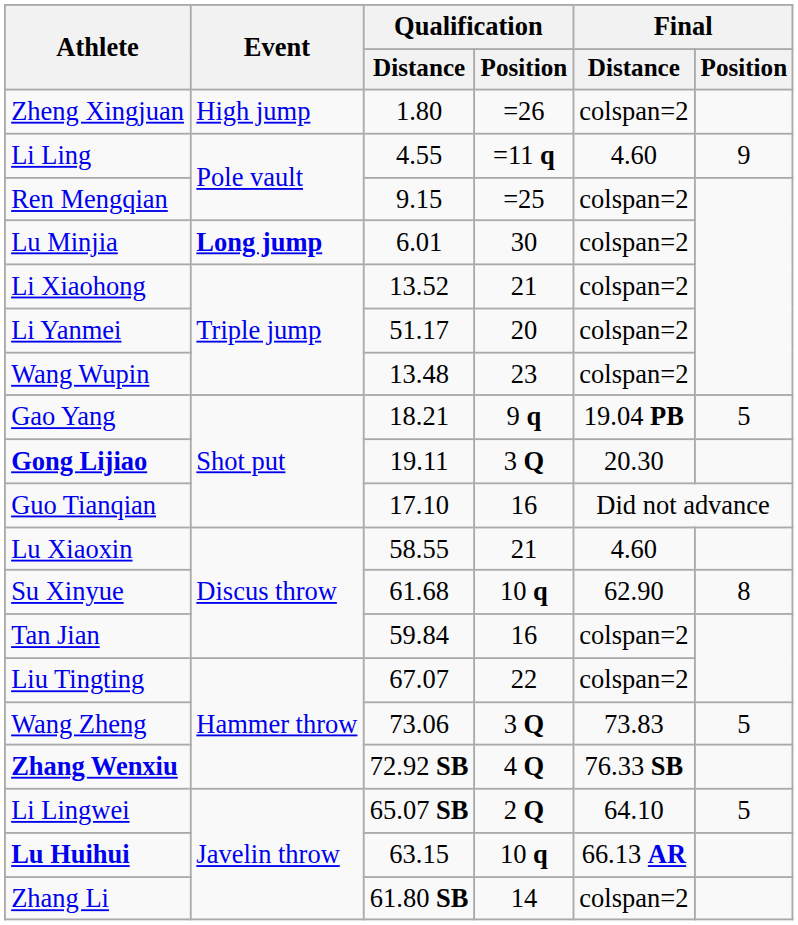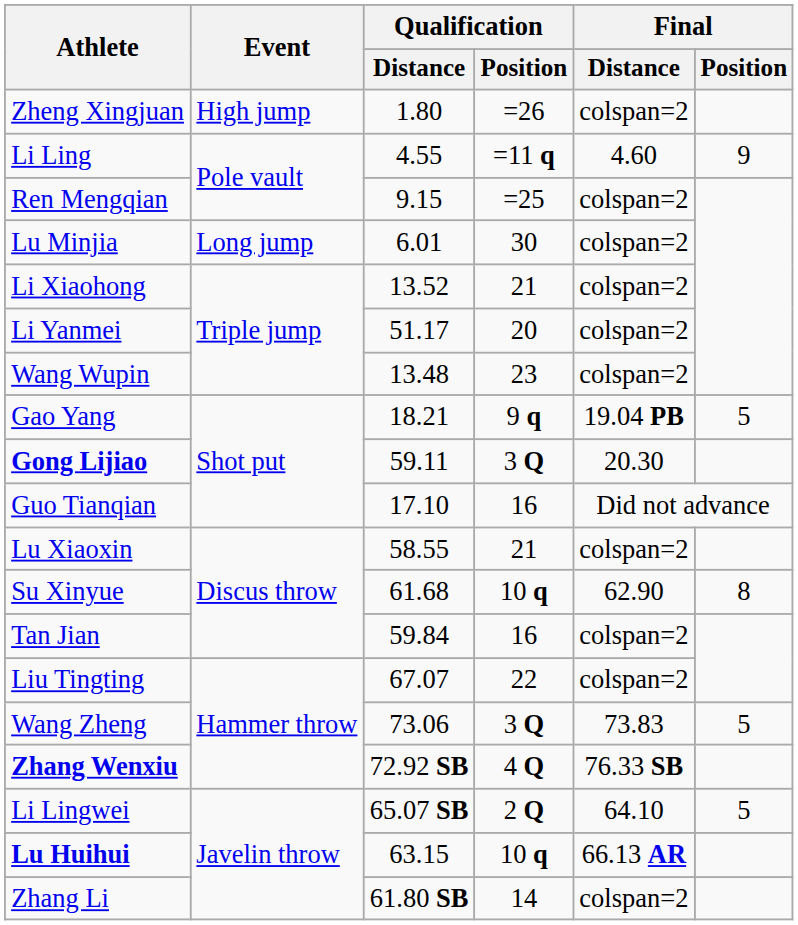 <table class=wikitable style="font-size:90%">
 <tr>
 <th rowspan="2">Athlete</th>
 <th rowspan="2">Event</th>
 <th colspan="2">Qualification</th>
 <th colspan="2">Final</th>
 </tr>
 <tr style="font-size:95%">
 <th>Distance</th>
 <th>Position</th>
 <th>Distance</th>
 <th>Position</th>
 </tr>
 <tr style=text-align:center>
 <td style=text-align:left><a href='#'>Zheng Xingjuan</a></td>
 <td style=text-align:left rowspan=1><a href='#'>High jump</a></td>
 <td>1.80</td>
 <td>=26</td>
 <td>colspan=2 </td>
 </tr>
 <tr style=text-align:center>
 <td style=text-align:left><a href='#'>Li Ling</a></td>
 <td style=text-align:left rowspan=2><a href='#'>Pole vault</a></td>
 <td>4.55</td>
 <td>=11 <strong>q</strong></td>
 <td>4.60</td>
 <td>9</td>
 </tr>
 <tr style=text-align:center>
 <td style=text-align:left><a href='#'>Ren Mengqian</a></td>
 <td>9.15</td>
 <td>=25</td>
 <td>colspan=2 </td>
 </tr>
 <tr style=text-align:center>
 <td style=text-align:left><a href='#'>Lu Minjia</a></td>
-<td style=text-align:left rowspan=1><strong><a href='#'>Long jump</a></strong></td>
+<td style=text-align:left rowspan=1><a href='#'>Long jump</a></td>
 <td>6.01</td>
 <td>30</td>
 <td>colspan=2 </td>
 </tr>
 <tr style=text-align:center>
 <td style=text-align:left><a href='#'>Li Xiaohong</a></td>
 <td style=text-align:left rowspan=3><a href='#'>Triple jump</a></td>
 <td>13.52</td>
 <td>21</td>
 <td>colspan=2 </td>
 </tr>
 <tr style=text-align:center>
 <td style=text-align:left><a href='#'>Li Yanmei</a></td>
 <td>51.17</td>
 <td>20</td>
 <td>colspan=2 </td>
 </tr>
 <tr style=text-align:center>
 <td style=text-align:left><a href='#'>Wang Wupin</a></td>
 <td>13.48</td>
 <td>23</td>
 <td>colspan=2 </td>
 </tr>
 <tr style=text-align:center>
 <td style=text-align:left><a href='#'>Gao Yang</a></td>
 <td style=text-align:left rowspan=3><a href='#'>Shot put</a></td>
 <td>18.21</td>
 <td>9 <strong>q</strong></td>
 <td>19.04 <strong>PB</strong></td>
 <td>5</td>
 </tr>
 <tr style=text-align:center>
 <td style=text-align:left><strong><a href='#'>Gong Lijiao</a></strong></td>
-<td>19.11</td>
+<td>59.11</td>
 <td>3 <strong>Q</strong></td>
 <td>20.30</td>
 <td></td>
 </tr>
 <tr style=text-align:center>
 <td style=text-align:left><a href='#'>Guo Tianqian</a></td>
 <td>17.10</td>
 <td>16</td>
 <td colspan=2>Did not advance</td>
 </tr>
 <tr style=text-align:center>
 <td style=text-align:left><a href='#'>Lu Xiaoxin</a></td>
 <td style=text-align:left rowspan=3><a href='#'>Discus throw</a></td>
 <td>58.55</td>
 <td>21</td>
-<td>4.60</td>
+<td>colspan=2 </td>
 </tr>
 <tr style=text-align:center>
 <td style=text-align:left><a href='#'>Su Xinyue</a></td>
 <td>61.68</td>
 <td>10 <strong>q</strong></td>
 <td>62.90</td>
 <td>8</td>
 </tr>
 <tr style=text-align:center>
 <td style=text-align:left><a href='#'>Tan Jian</a></td>
 <td>59.84</td>
 <td>16</td>
 <td>colspan=2 </td>
 </tr>
 <tr style=text-align:center>
 <td style=text-align:left><a href='#'>Liu Tingting</a></td>
 <td style=text-align:left rowspan=3><a href='#'>Hammer throw</a></td>
 <td>67.07</td>
 <td>22</td>
 <td>colspan=2 </td>
 </tr>
 <tr style=text-align:center>
 <td style=text-align:left><a href='#'>Wang Zheng</a></td>
 <td>73.06</td>
 <td>3 <strong>Q</strong></td>
 <td>73.83</td>
 <td>5</td>
 </tr>
 <tr style=text-align:center>
 <td style=text-align:left><strong><a href='#'>Zhang Wenxiu</a></strong></td>
 <td>72.92 <strong>SB</strong></td>
 <td>4 <strong>Q</strong></td>
 <td>76.33 <strong>SB</strong></td>
 <td></td>
 </tr>
 <tr style=text-align:center>
 <td style=text-align:left><a href='#'>Li Lingwei</a></td>
 <td style=text-align:left rowspan=3><a href='#'>Javelin throw</a></td>
 <td>65.07 <strong>SB</strong></td>
 <td>2 <strong>Q</strong></td>
 <td>64.10</td>
 <td>5</td>
 </tr>
 <tr style=text-align:center>
 <td style=text-align:left><strong><a href='#'>Lu Huihui</a></strong></td>
 <td>63.15</td>
 <td>10 <strong>q</strong></td>
 <td>66.13 <strong><a href='#'>AR</a></strong></td>
 <td></td>
 </tr>
 <tr style=text-align:center>
 <td style=text-align:left><a href='#'>Zhang Li</a></td>
 <td>61.80 <strong>SB</strong></td>
 <td>14</td>
 <td>colspan=2 </td>
 </tr>
 </table>
